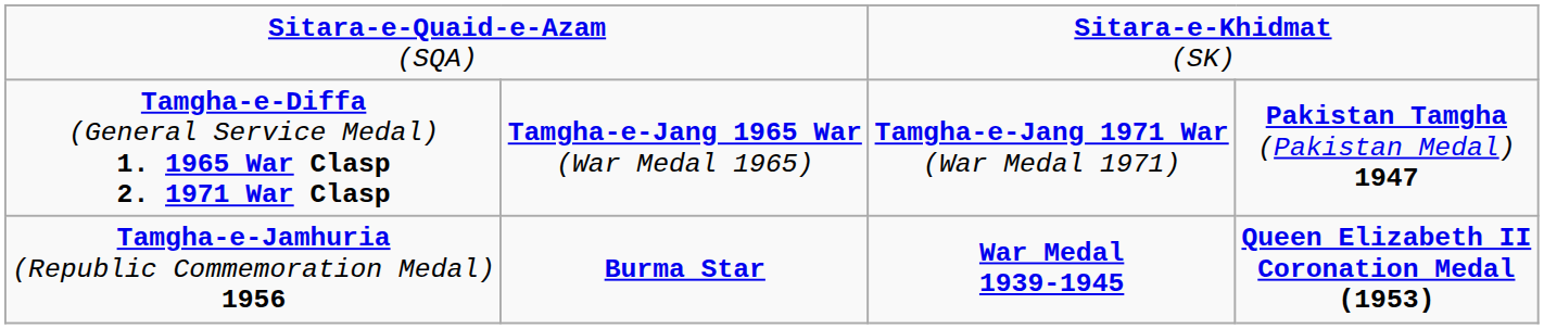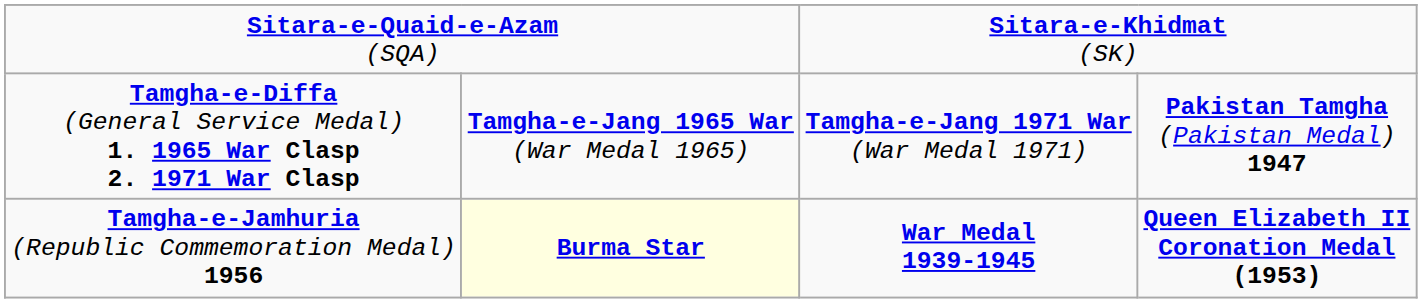 <table class="wikitable" style="margin:1em auto; text-align:center;">
 <tr>
 <td colspan="2"><strong><a href='#'>Sitara-e-Quaid-e-Azam</a></strong><br><em>(SQA)</em></td>
 <td colspan="2"><strong><a href='#'>Sitara-e-Khidmat</a></strong><br><em>(SK)</em></td>
 </tr>
 <tr>
 <td><strong><a href='#'>Tamgha-e-Diffa</a></strong><br><em>(General Service Medal)</em><br><strong>1. <a href='#'>1965 War</a> Clasp</strong><br><strong>2. <a href='#'>1971 War</a> Clasp</strong></td>
 <td><strong><a href='#'>Tamgha-e-Jang 1965 War</a></strong><br><em>(War Medal 1965)</em></td>
 <td><strong><a href='#'>Tamgha-e-Jang 1971 War</a></strong><br><em>(War Medal 1971)</em></td>
 <td><strong><a href='#'>Pakistan Tamgha</a></strong><br><em>(<a href='#'>Pakistan Medal</a>)</em><br><strong>1947</strong></td>
 </tr>
 <tr>
 <td><strong><a href='#'>Tamgha-e-Jamhuria</a></strong><br><em>(Republic Commemoration Medal)</em><br><strong>1956</strong></td>
-<td><strong><a href='#'>Burma Star</a></strong></td>
+<td style="background: lightyellow;"><strong><a href='#'>Burma Star</a></strong></td>
 <td><strong><a href='#'>War Medal</a></strong><br><strong><a href='#'>1939-1945</a></strong></td>
 <td><strong><a href='#'>Queen Elizabeth II</a></strong><br><strong><a href='#'>Coronation Medal</a></strong><br><strong>(1953)</strong></td>
 </tr>
 </table>
